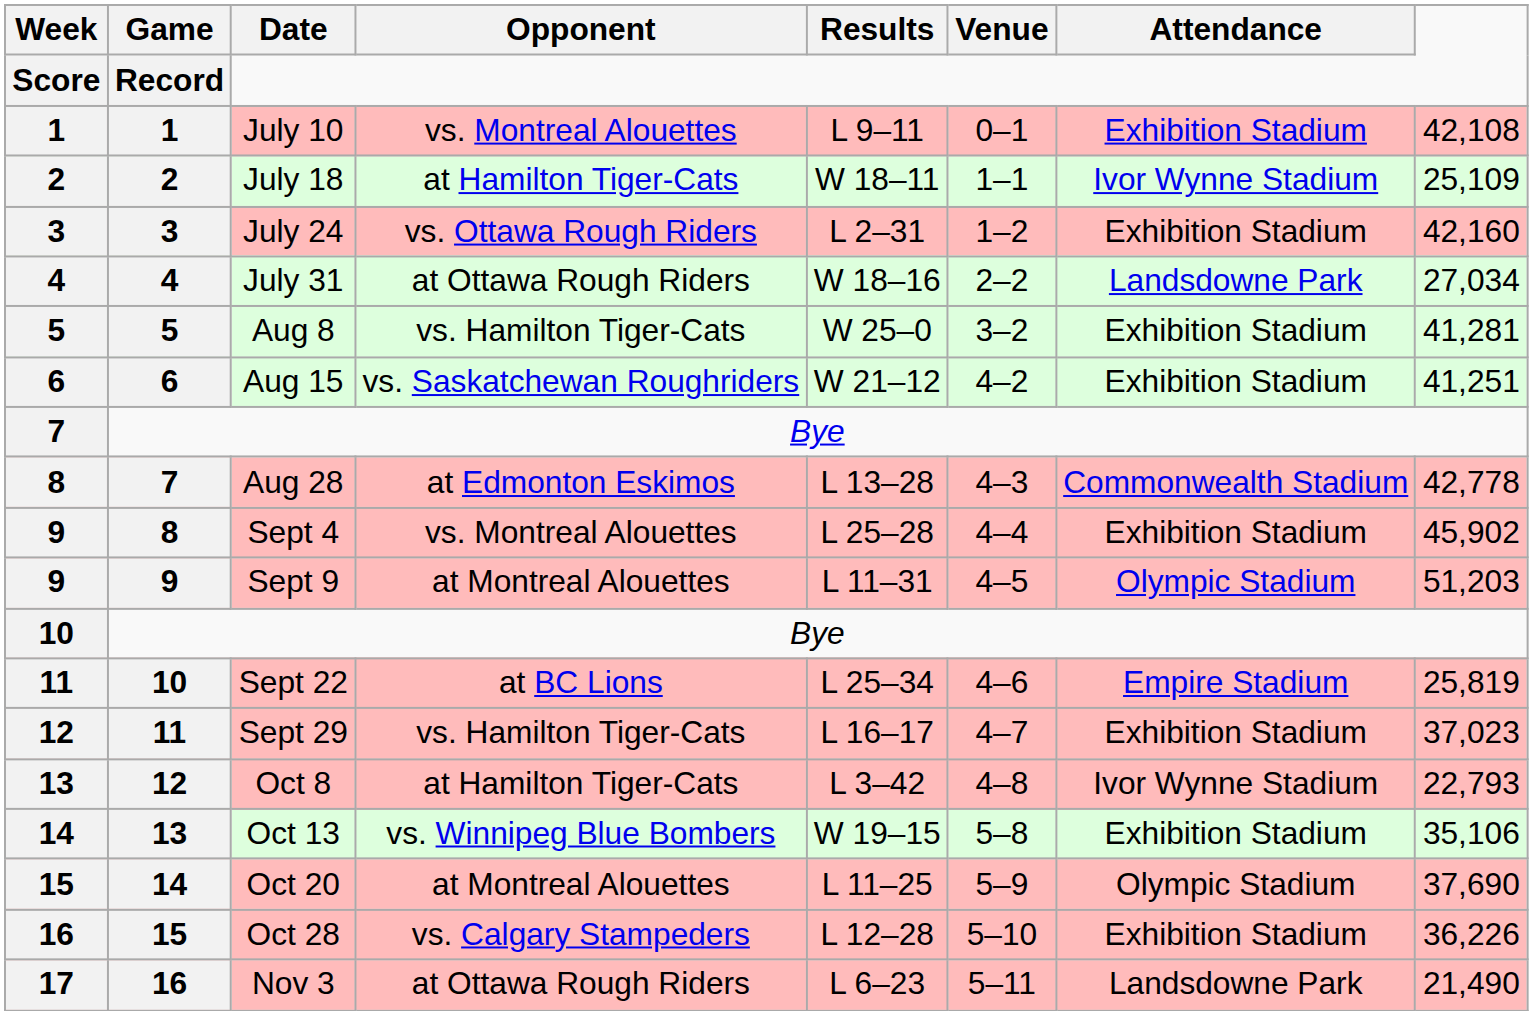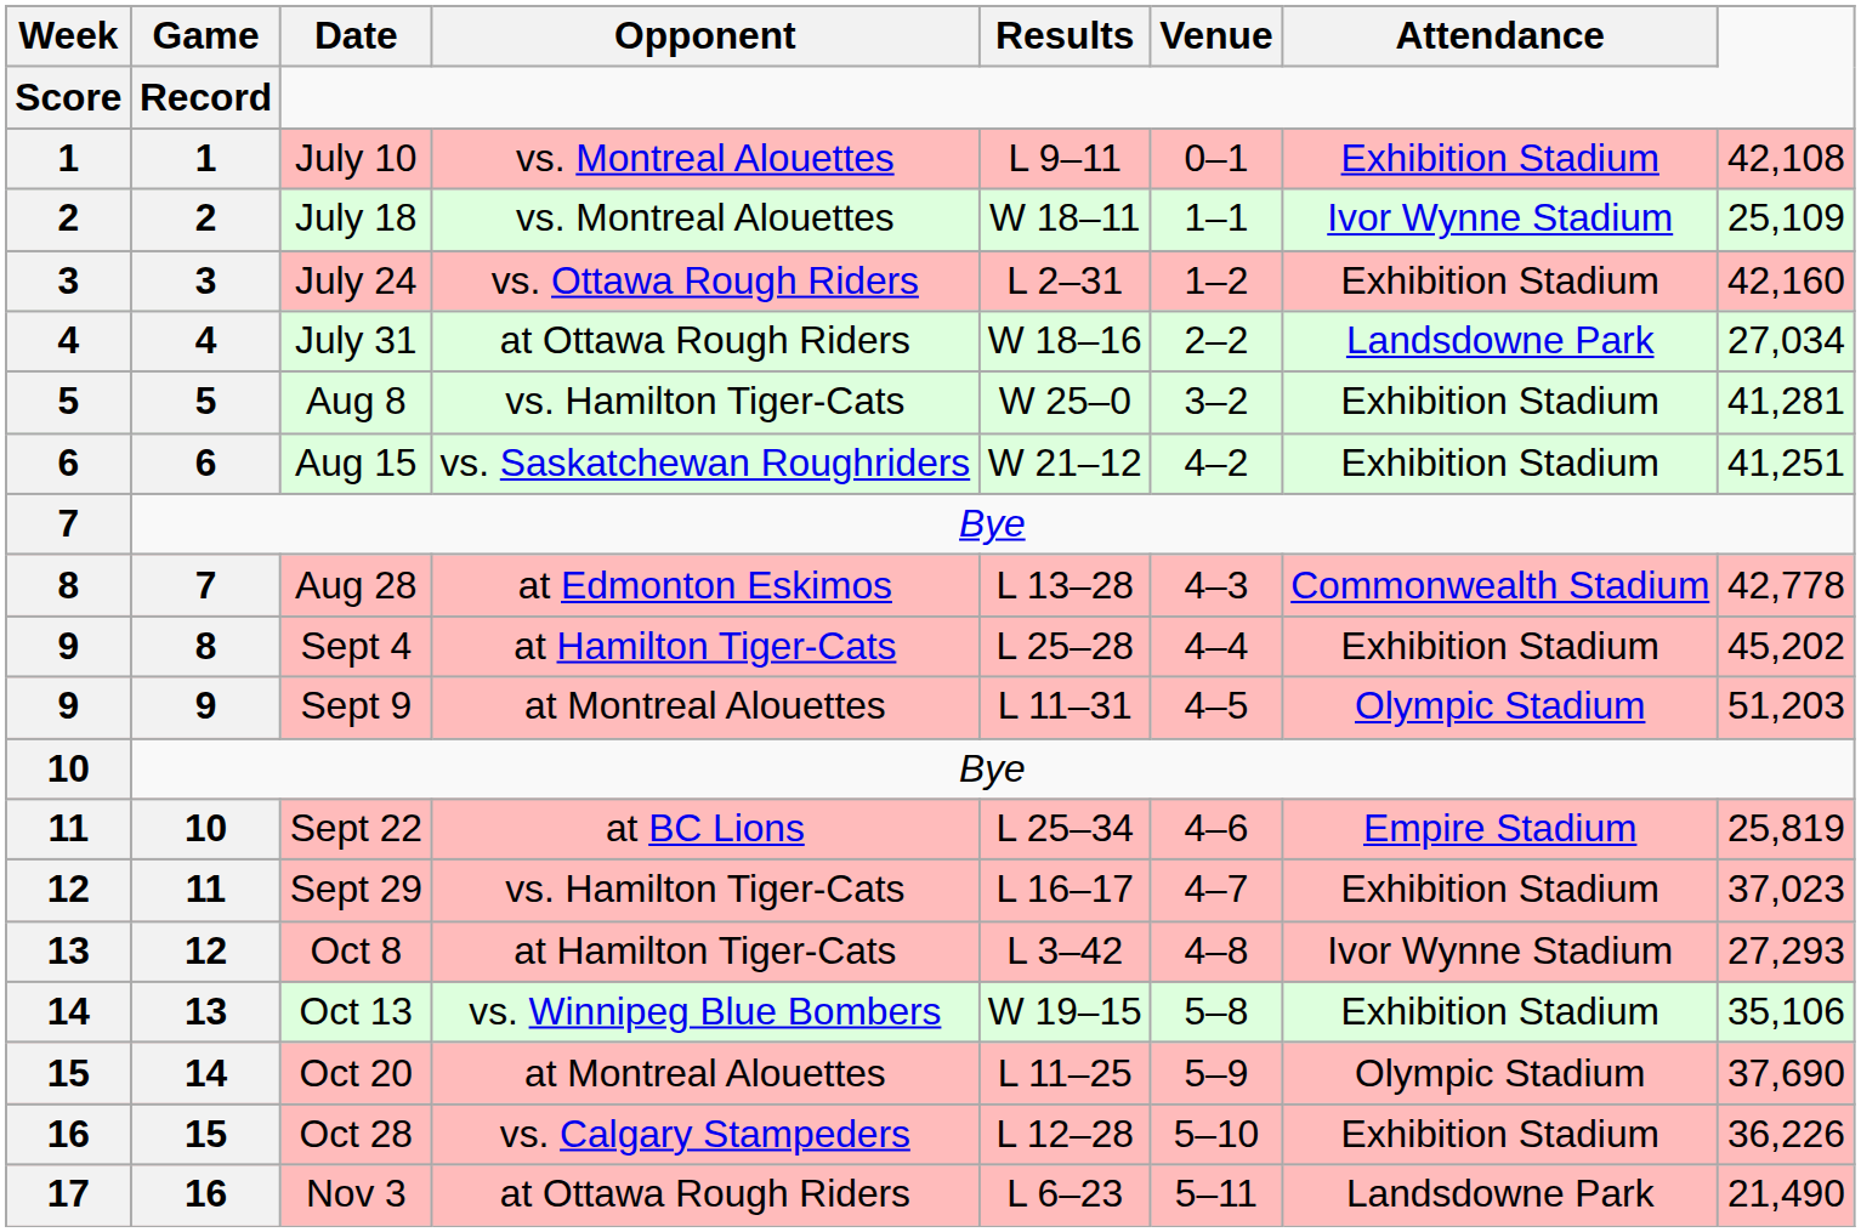 <table class="wikitable" style="text-align:center">
 <tr>
 <th>Week</th>
 <th>Game</th>
 <th>Date</th>
 <th>Opponent</th>
 <th>Results</th>
 <th>Venue</th>
 <th>Attendance</th>
 </tr>
 <tr>
 <th>Score</th>
 <th>Record</th>
 </tr>
 <tr style="background:#ffbbbb">
 <th>1</th>
 <th>1</th>
 <td>July 10</td>
 <td>vs. <a href='#'>Montreal Alouettes</a></td>
 <td>L 9–11</td>
 <td>0–1</td>
 <td><a href='#'>Exhibition Stadium</a></td>
 <td>42,108</td>
 </tr>
 <tr style="background:#ddffdd">
 <th>2</th>
 <th>2</th>
 <td>July 18</td>
-<td>at <a href='#'>Hamilton Tiger-Cats</a></td>
+<td>vs. Montreal Alouettes</td>
 <td>W 18–11</td>
 <td>1–1</td>
 <td><a href='#'>Ivor Wynne Stadium</a></td>
 <td>25,109</td>
 </tr>
 <tr style="background:#ffbbbb">
 <th>3</th>
 <th>3</th>
 <td>July 24</td>
 <td>vs. <a href='#'>Ottawa Rough Riders</a></td>
 <td>L 2–31</td>
 <td>1–2</td>
 <td>Exhibition Stadium</td>
 <td>42,160</td>
 </tr>
 <tr style="background:#ddffdd">
 <th>4</th>
 <th>4</th>
 <td>July 31</td>
 <td>at Ottawa Rough Riders</td>
 <td>W 18–16</td>
 <td>2–2</td>
 <td><a href='#'>Landsdowne Park</a></td>
 <td>27,034</td>
 </tr>
 <tr style="background:#ddffdd">
 <th>5</th>
 <th>5</th>
 <td>Aug 8</td>
 <td>vs. Hamilton Tiger-Cats</td>
 <td>W 25–0</td>
 <td>3–2</td>
 <td>Exhibition Stadium</td>
 <td>41,281</td>
 </tr>
 <tr style="background:#ddffdd">
 <th>6</th>
 <th>6</th>
 <td>Aug 15</td>
 <td>vs. <a href='#'>Saskatchewan Roughriders</a></td>
 <td>W 21–12</td>
 <td>4–2</td>
 <td>Exhibition Stadium</td>
 <td>41,251</td>
 </tr>
 <tr>
 <th>7</th>
 <td colspan=7><em><a href='#'>Bye</a></em></td>
 </tr>
 <tr style="background:#ffbbbb">
 <th>8</th>
 <th>7</th>
 <td>Aug 28</td>
 <td>at <a href='#'>Edmonton Eskimos</a></td>
 <td>L 13–28</td>
 <td>4–3</td>
 <td><a href='#'>Commonwealth Stadium</a></td>
 <td>42,778</td>
 </tr>
 <tr style="background:#ffbbbb">
 <th>9</th>
 <th>8</th>
 <td>Sept 4</td>
-<td>vs. Montreal Alouettes</td>
+<td>at <a href='#'>Hamilton Tiger-Cats</a></td>
 <td>L 25–28</td>
 <td>4–4</td>
 <td>Exhibition Stadium</td>
-<td>45,902</td>
+<td>45,202</td>
 </tr>
 <tr style="background:#ffbbbb">
 <th>9</th>
 <th>9</th>
 <td>Sept 9</td>
 <td>at Montreal Alouettes</td>
 <td>L 11–31</td>
 <td>4–5</td>
 <td><a href='#'>Olympic Stadium</a></td>
 <td>51,203</td>
 </tr>
 <tr align="center">
 <th>10</th>
 <td colspan=7><em>Bye</em></td>
 </tr>
 <tr style="background:#ffbbbb">
 <th>11</th>
 <th>10</th>
 <td>Sept 22</td>
 <td>at <a href='#'>BC Lions</a></td>
 <td>L 25–34</td>
 <td>4–6</td>
 <td><a href='#'>Empire Stadium</a></td>
 <td>25,819</td>
 </tr>
 <tr style="background:#ffbbbb">
 <th>12</th>
 <th>11</th>
 <td>Sept 29</td>
 <td>vs. Hamilton Tiger-Cats</td>
 <td>L 16–17</td>
 <td>4–7</td>
 <td>Exhibition Stadium</td>
 <td>37,023</td>
 </tr>
 <tr style="background:#ffbbbb">
 <th>13</th>
 <th>12</th>
 <td>Oct 8</td>
 <td>at Hamilton Tiger-Cats</td>
 <td>L 3–42</td>
 <td>4–8</td>
 <td>Ivor Wynne Stadium</td>
-<td>22,793</td>
+<td>27,293</td>
 </tr>
 <tr style="background:#ddffdd">
 <th>14</th>
 <th>13</th>
 <td>Oct 13</td>
 <td>vs. <a href='#'>Winnipeg Blue Bombers</a></td>
 <td>W 19–15</td>
 <td>5–8</td>
 <td>Exhibition Stadium</td>
 <td>35,106</td>
 </tr>
 <tr style="background:#ffbbbb">
 <th>15</th>
 <th>14</th>
 <td>Oct 20</td>
 <td>at Montreal Alouettes</td>
 <td>L 11–25</td>
 <td>5–9</td>
 <td>Olympic Stadium</td>
 <td>37,690</td>
 </tr>
 <tr style="background:#ffbbbb">
 <th>16</th>
 <th>15</th>
 <td>Oct 28</td>
 <td>vs. <a href='#'>Calgary Stampeders</a></td>
 <td>L 12–28</td>
 <td>5–10</td>
 <td>Exhibition Stadium</td>
 <td>36,226</td>
 </tr>
 <tr style="background:#ffbbbb">
 <th>17</th>
 <th>16</th>
 <td>Nov 3</td>
 <td>at Ottawa Rough Riders</td>
 <td>L 6–23</td>
 <td>5–11</td>
 <td>Landsdowne Park</td>
 <td>21,490</td>
 </tr>
 </table>
